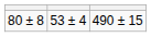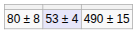 <table class="wikitable" style="font-size:97.5; text-align:center">
 <tr>
 <th scope="col"><strong></strong></th>
 <th scope="col"><strong></strong></th>
 <th scope="col"><strong></strong></th>
 </tr>
 <tr>
 <td>80 ± 8</td>
-<td>53 ± 4</td>
+<td style="background: lavender;">53 ± 4</td>
 <td>490 ± 15</td>
 </tr>
 </table>
